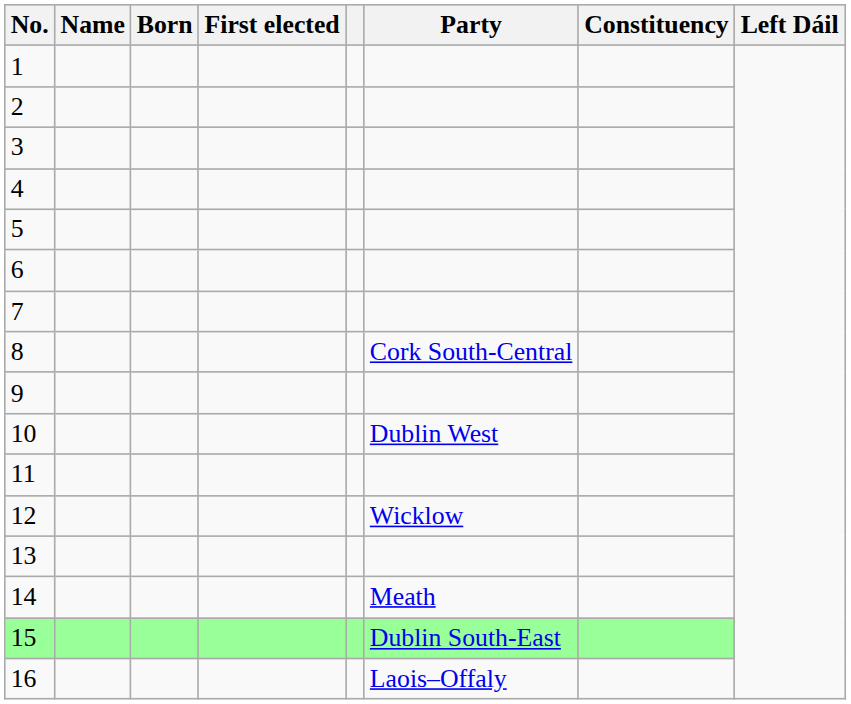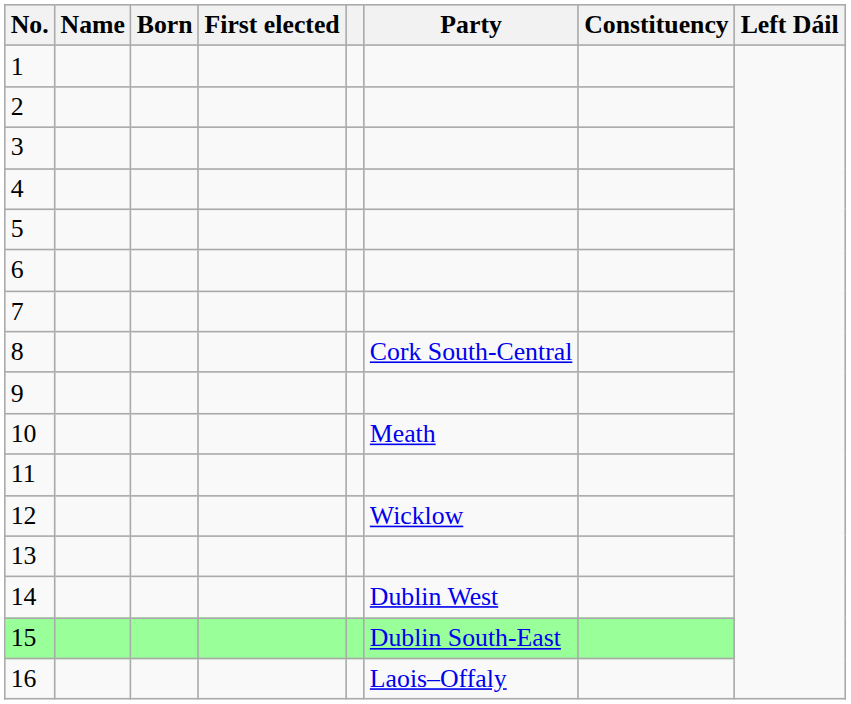 <table class="wikitable sortable">
 <tr>
 <th>No.</th>
 <th>Name</th>
 <th>Born</th>
 <th>First elected</th>
 <th class="unsortable">  </th>
 <th>Party</th>
 <th>Constituency</th>
 <th>Left Dáil</th>
 </tr>
 <tr>
 <td>1</td>
 <td></td>
 <td></td>
 <td></td>
 <td></td>
 <td></td>
 <td></td>
 </tr>
 <tr>
 <td>2</td>
 <td></td>
 <td></td>
 <td></td>
 <td></td>
 <td></td>
 <td></td>
 </tr>
 <tr>
 <td>3</td>
 <td></td>
 <td></td>
 <td></td>
 <td></td>
 <td></td>
 <td></td>
 </tr>
 <tr>
 <td>4</td>
 <td></td>
 <td></td>
 <td></td>
 <td></td>
 <td></td>
 <td></td>
 </tr>
 <tr>
 <td>5</td>
 <td></td>
 <td></td>
 <td></td>
 <td></td>
 <td></td>
 <td></td>
 </tr>
 <tr>
 <td>6</td>
 <td></td>
 <td></td>
 <td></td>
 <td></td>
 <td></td>
 <td></td>
 </tr>
 <tr>
 <td>7</td>
 <td></td>
 <td></td>
 <td></td>
 <td></td>
 <td></td>
 <td></td>
 </tr>
 <tr>
 <td>8</td>
 <td></td>
 <td></td>
 <td></td>
 <td></td>
 <td><a href='#'>Cork South-Central</a></td>
 <td></td>
 </tr>
 <tr>
 <td>9</td>
 <td></td>
 <td></td>
 <td></td>
 <td></td>
 <td></td>
 <td></td>
 </tr>
 <tr>
 <td>10</td>
 <td></td>
 <td></td>
 <td></td>
 <td></td>
-<td><a href='#'>Dublin West</a></td>
+<td><a href='#'>Meath</a></td>
 <td></td>
 </tr>
 <tr>
 <td>11</td>
 <td></td>
 <td></td>
 <td></td>
 <td></td>
 <td></td>
 <td></td>
 </tr>
 <tr>
 <td>12</td>
 <td></td>
 <td></td>
 <td></td>
 <td></td>
 <td><a href='#'>Wicklow</a></td>
 <td></td>
 </tr>
 <tr>
 <td>13</td>
 <td></td>
 <td></td>
 <td></td>
 <td></td>
 <td></td>
 <td></td>
 </tr>
 <tr>
 <td>14</td>
 <td></td>
 <td></td>
 <td></td>
 <td></td>
-<td><a href='#'>Meath</a></td>
+<td><a href='#'>Dublin West</a></td>
 <td></td>
 </tr>
 <tr bgcolor="99FF99">
 <td>15</td>
 <td></td>
 <td></td>
 <td></td>
 <td></td>
 <td><a href='#'>Dublin South-East</a></td>
 <td></td>
 </tr>
 <tr>
 <td>16</td>
 <td></td>
 <td></td>
 <td></td>
 <td></td>
 <td><a href='#'>Laois–Offaly</a></td>
 <td></td>
 </tr>
 </table>
